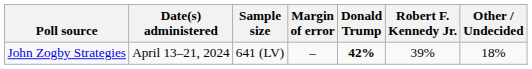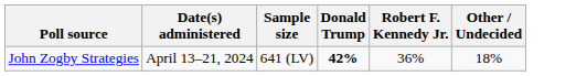 <table class="wikitable sortable mw-datatable" style="font-size:90%;text-align:center;line-height:17px">
 <tr valign=bottom>
 <th>Poll source</th>
 <th>Date(s)<br>administered</th>
 <th>Sample<br>size</th>
-<th>Margin<br>of error</th>
 <th class="unsortable">Donald<br>Trump<br></th>
 <th class="unsortable">Robert F.<br>Kennedy Jr.<br></th>
 <th class="unsortable">Other /<br>Undecided</th>
 </tr>
 <tr>
 <td style="text-align:left;"><a href='#'>John Zogby Strategies</a></td>
 <td data-sort-value="2024-05-01">April 13–21, 2024</td>
 <td>641 (LV)</td>
-<td>–</td>
 <td style="background-color:"><strong>42%</strong></td>
-<td>39%</td>
+<td>36%</td>
 <td>18%</td>
 </tr>
 </table>
